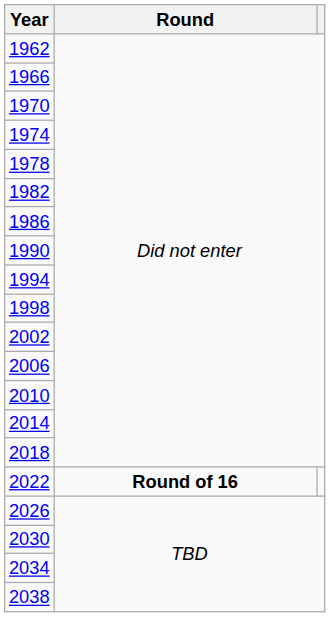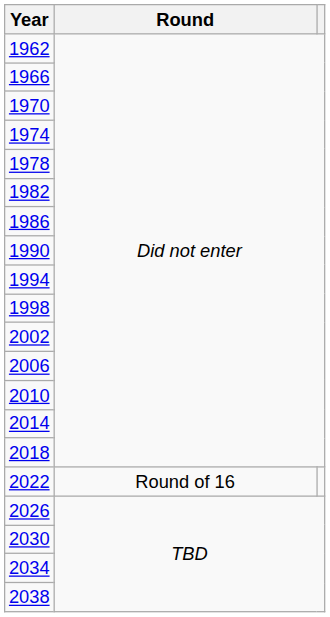 <table class="wikitable" style="text-align: center; font-size:90%">
 <tr>
 <th>Year</th>
 <th style="width:200px">Round</th>
 <th></th>
 </tr>
 <tr>
 <td><a href='#'>1962</a></td>
 <td colspan="2" rowspan="15"><em>Did not enter</em></td>
 </tr>
 <tr>
 <td><a href='#'>1966</a></td>
 </tr>
 <tr>
 <td><a href='#'>1970</a></td>
 </tr>
 <tr>
 <td><a href='#'>1974</a></td>
 </tr>
 <tr>
 <td><a href='#'>1978</a></td>
 </tr>
 <tr>
 <td><a href='#'>1982</a></td>
 </tr>
 <tr>
 <td><a href='#'>1986</a></td>
 </tr>
 <tr>
 <td><a href='#'>1990</a></td>
 </tr>
 <tr>
 <td><a href='#'>1994</a></td>
 </tr>
 <tr>
 <td><a href='#'>1998</a></td>
 </tr>
 <tr>
 <td><a href='#'>2002</a></td>
 </tr>
 <tr>
 <td><a href='#'>2006</a></td>
 </tr>
 <tr>
 <td><a href='#'>2010</a></td>
 </tr>
 <tr>
 <td><a href='#'>2014</a></td>
 </tr>
 <tr>
 <td><a href='#'>2018</a></td>
 </tr>
 <tr>
 <td><a href='#'>2022</a></td>
-<td><strong>Round of 16</strong></td>
+<td>Round of 16</td>
 <td></td>
 </tr>
 <tr>
 <td><a href='#'>2026</a></td>
 <td colspan="2" rowspan="4"><em>TBD</em></td>
 </tr>
 <tr>
 <td><a href='#'>2030</a></td>
 </tr>
 <tr>
 <td><a href='#'>2034</a></td>
 </tr>
 <tr>
 <td><a href='#'>2038</a></td>
 </tr>
 </table>
